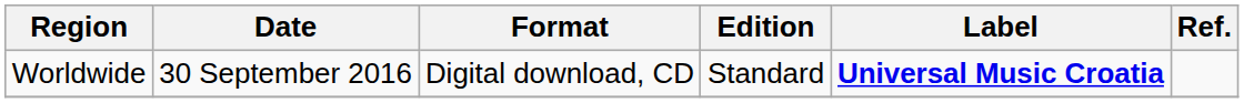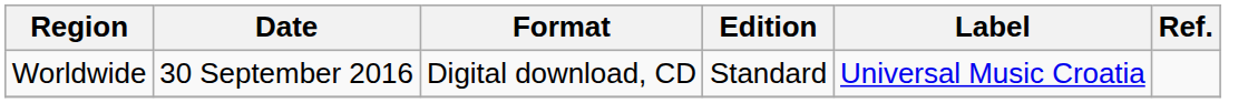 <table class="wikitable sortable plainrowheaders">
 <tr>
 <th scope="col">Region</th>
 <th scope="col">Date</th>
 <th scope="col">Format</th>
 <th scope="col">Edition</th>
 <th scope="col">Label</th>
 <th scope="col">Ref.</th>
 </tr>
 <tr>
 <td>Worldwide</td>
 <td>30 September 2016</td>
 <td>Digital download, CD</td>
 <td>Standard</td>
-<td><strong><a href='#'>Universal Music Croatia</a></strong></td>
+<td><a href='#'>Universal Music Croatia</a></td>
 <td></td>
 </tr>
 <tr>
 </tr>
 </table>
